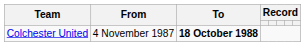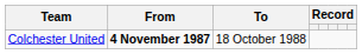 <table class=wikitable style="text-align: center">
 <tr>
 <th rowspan=2>Team</th>
 <th rowspan=2>From</th>
 <th rowspan=2>To</th>
 <th colspan=5>Record</th>
 </tr>
 <tr>
 <th></th>
 <th></th>
 <th></th>
 <th></th>
 <th></th>
 </tr>
 <tr>
 <td align=left><a href='#'>Colchester United</a></td>
-<td align=left>4 November 1987</td>
-<td align=left><strong>18 October 1988<br></strong></td>
+<td align=left><strong>4 November 1987</strong></td>
+<td align=left>18 October 1988<br></td>
 </tr>
 </table>
